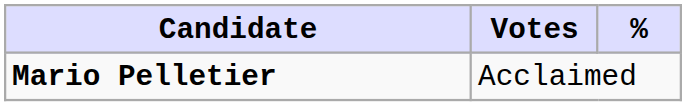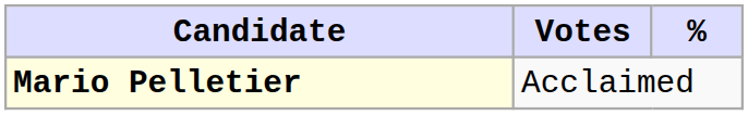 <table class="wikitable">
 <tr>
 <th style="background:#ddf; width:200px;">Candidate</th>
 <th style="background:#ddf; width:50px;">Votes</th>
 <th style="background:#ddf; width:30px;">%</th>
 </tr>
 <tr>
-<td><strong>Mario Pelletier</strong></td>
+<td style="background: lightyellow;"><strong>Mario Pelletier</strong></td>
 <td colspan="2">Acclaimed</td>
 </tr>
 </table>
